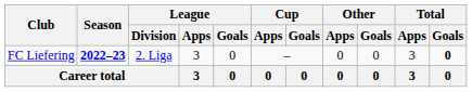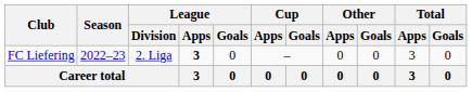 <table class="wikitable" style="text-align: center">
 <tr>
 <th rowspan="2">Club</th>
 <th rowspan="2">Season</th>
 <th colspan="3">League</th>
 <th colspan="2">Cup</th>
 <th colspan="2">Other</th>
 <th colspan="2">Total</th>
 </tr>
 <tr>
 <th>Division</th>
 <th>Apps</th>
 <th>Goals</th>
 <th>Apps</th>
 <th>Goals</th>
 <th>Apps</th>
 <th>Goals</th>
 <th>Apps</th>
 <th>Goals</th>
 </tr>
 <tr>
 <td><a href='#'>FC Liefering</a></td>
-<td><strong><a href='#'>2022–23</a></strong></td>
+<td><a href='#'>2022–23</a></td>
 <td><a href='#'>2. Liga</a></td>
-<td>3</td>
+<td><strong>3</strong></td>
 <td>0</td>
 <td colspan="2">–</td>
 <td>0</td>
 <td>0</td>
 <td>3</td>
-<td><strong>0</strong></td>
+<td>0</td>
 </tr>
 <tr>
 <th colspan=3>Career total</th>
 <th>3</th>
 <th>0</th>
 <th>0</th>
 <th>0</th>
 <th>0</th>
 <th>0</th>
 <th>3</th>
 <th>0</th>
 </tr>
 </table>
